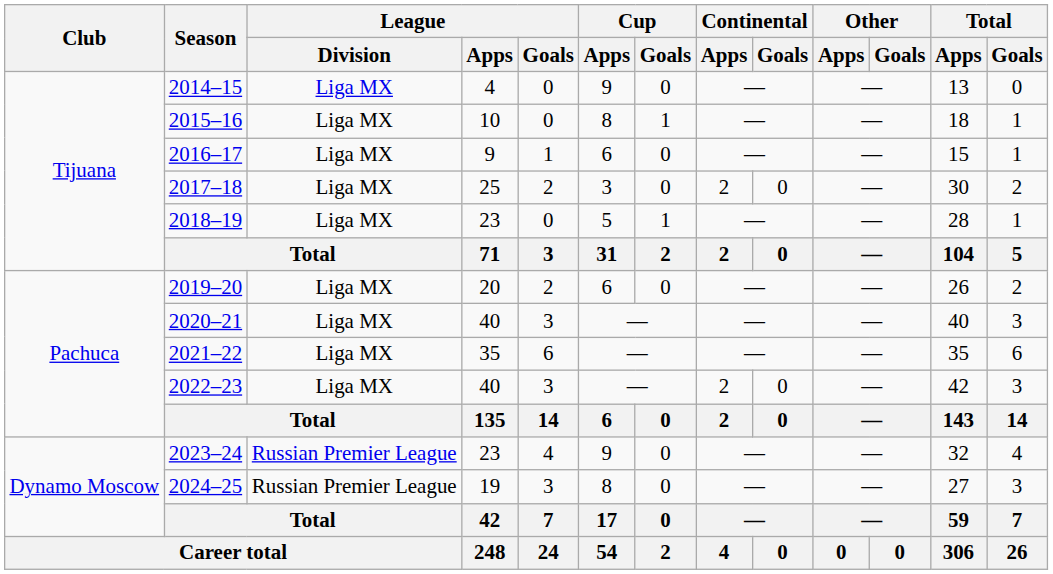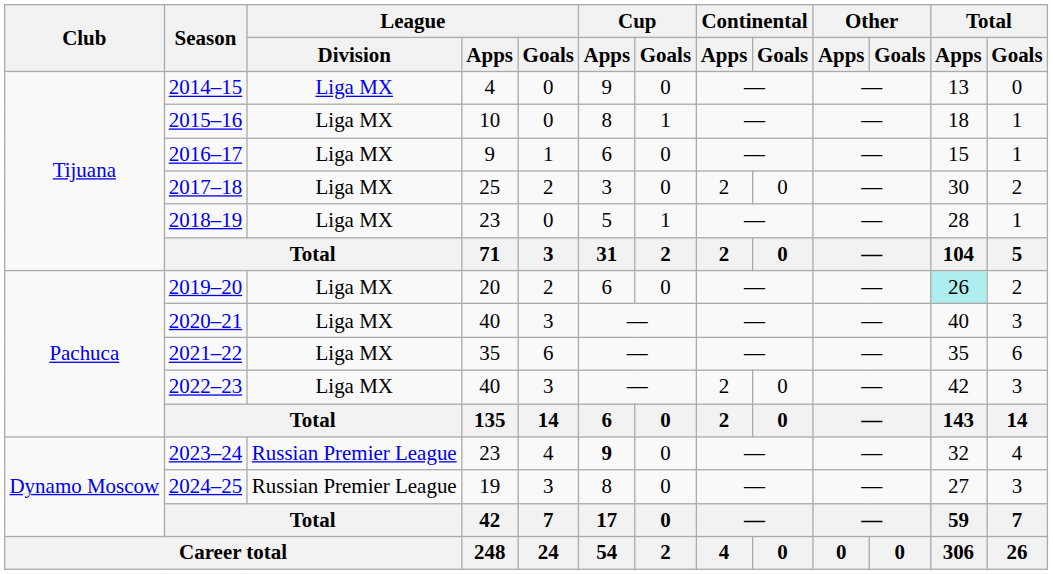 <table class="wikitable" style="text-align:center">
 <tr>
 <th rowspan="2">Club</th>
 <th rowspan="2">Season</th>
 <th colspan="3">League</th>
 <th colspan="2">Cup</th>
 <th colspan="2">Continental</th>
 <th colspan="2">Other</th>
 <th colspan="2">Total</th>
 </tr>
 <tr>
 <th>Division</th>
 <th>Apps</th>
 <th>Goals</th>
 <th>Apps</th>
 <th>Goals</th>
 <th>Apps</th>
 <th>Goals</th>
 <th>Apps</th>
 <th>Goals</th>
 <th>Apps</th>
 <th>Goals</th>
 </tr>
 <tr>
 <td rowspan="6"><a href='#'>Tijuana</a></td>
 <td><a href='#'>2014–15</a></td>
 <td><a href='#'>Liga MX</a></td>
 <td>4</td>
 <td>0</td>
 <td>9</td>
 <td>0</td>
 <td colspan=2>—</td>
 <td colspan=2>—</td>
 <td>13</td>
 <td>0</td>
 </tr>
 <tr>
 <td><a href='#'>2015–16</a></td>
 <td>Liga MX</td>
 <td>10</td>
 <td>0</td>
 <td>8</td>
 <td>1</td>
 <td colspan=2>—</td>
 <td colspan=2>—</td>
 <td>18</td>
 <td>1</td>
 </tr>
 <tr>
 <td><a href='#'>2016–17</a></td>
 <td>Liga MX</td>
 <td>9</td>
 <td>1</td>
 <td>6</td>
 <td>0</td>
 <td colspan=2>—</td>
 <td colspan=2>—</td>
 <td>15</td>
 <td>1</td>
 </tr>
 <tr>
 <td><a href='#'>2017–18</a></td>
 <td>Liga MX</td>
 <td>25</td>
 <td>2</td>
 <td>3</td>
 <td>0</td>
 <td>2</td>
 <td>0</td>
 <td colspan=2>—</td>
 <td>30</td>
 <td>2</td>
 </tr>
 <tr>
 <td><a href='#'>2018–19</a></td>
 <td>Liga MX</td>
 <td>23</td>
 <td>0</td>
 <td>5</td>
 <td>1</td>
 <td colspan=2>—</td>
 <td colspan=2>—</td>
 <td>28</td>
 <td>1</td>
 </tr>
 <tr>
 <th colspan="2">Total</th>
 <th>71</th>
 <th>3</th>
 <th>31</th>
 <th>2</th>
 <th>2</th>
 <th>0</th>
 <th colspan=2>—</th>
 <th>104</th>
 <th>5</th>
 </tr>
 <tr>
 <td rowspan="5"><a href='#'>Pachuca</a></td>
 <td><a href='#'>2019–20</a></td>
 <td>Liga MX</td>
 <td>20</td>
 <td>2</td>
 <td>6</td>
 <td>0</td>
 <td colspan=2>—</td>
 <td colspan=2>—</td>
-<td>26</td>
+<td style="background: paleturquoise;">26</td>
 <td>2</td>
 </tr>
 <tr>
 <td><a href='#'>2020–21</a></td>
 <td>Liga MX</td>
 <td>40</td>
 <td>3</td>
 <td colspan=2>—</td>
 <td colspan=2>—</td>
 <td colspan="2">—</td>
 <td>40</td>
 <td>3</td>
 </tr>
 <tr>
 <td><a href='#'>2021–22</a></td>
 <td>Liga MX</td>
 <td>35</td>
 <td>6</td>
 <td colspan=2>—</td>
 <td colspan=2>—</td>
 <td colspan="2">—</td>
 <td>35</td>
 <td>6</td>
 </tr>
 <tr>
 <td><a href='#'>2022–23</a></td>
 <td>Liga MX</td>
 <td>40</td>
 <td>3</td>
 <td colspan="2">—</td>
 <td>2</td>
 <td>0</td>
 <td colspan="2">—</td>
 <td>42</td>
 <td>3</td>
 </tr>
 <tr>
 <th colspan="2">Total</th>
 <th>135</th>
 <th>14</th>
 <th>6</th>
 <th>0</th>
 <th>2</th>
 <th>0</th>
 <th colspan=2>—</th>
 <th>143</th>
 <th>14</th>
 </tr>
 <tr>
 <td rowspan="3"><a href='#'>Dynamo Moscow</a></td>
 <td><a href='#'>2023–24</a></td>
 <td><a href='#'>Russian Premier League</a></td>
 <td>23</td>
 <td>4</td>
-<td>9</td>
+<td><strong>9</strong></td>
 <td>0</td>
 <td colspan=2>—</td>
 <td colspan=2>—</td>
 <td>32</td>
 <td>4</td>
 </tr>
 <tr>
 <td><a href='#'>2024–25</a></td>
 <td>Russian Premier League</td>
 <td>19</td>
 <td>3</td>
 <td>8</td>
 <td>0</td>
 <td colspan="2">—</td>
 <td colspan="2">—</td>
 <td>27</td>
 <td>3</td>
 </tr>
 <tr>
 <th colspan="2">Total</th>
 <th>42</th>
 <th>7</th>
 <th>17</th>
 <th>0</th>
 <th colspan=2>—</th>
 <th colspan="2">—</th>
 <th>59</th>
 <th>7</th>
 </tr>
 <tr>
 <th colspan="3">Career total</th>
 <th>248</th>
 <th>24</th>
 <th>54</th>
 <th>2</th>
 <th>4</th>
 <th>0</th>
 <th>0</th>
 <th>0</th>
 <th>306</th>
 <th>26</th>
 </tr>
 </table>
